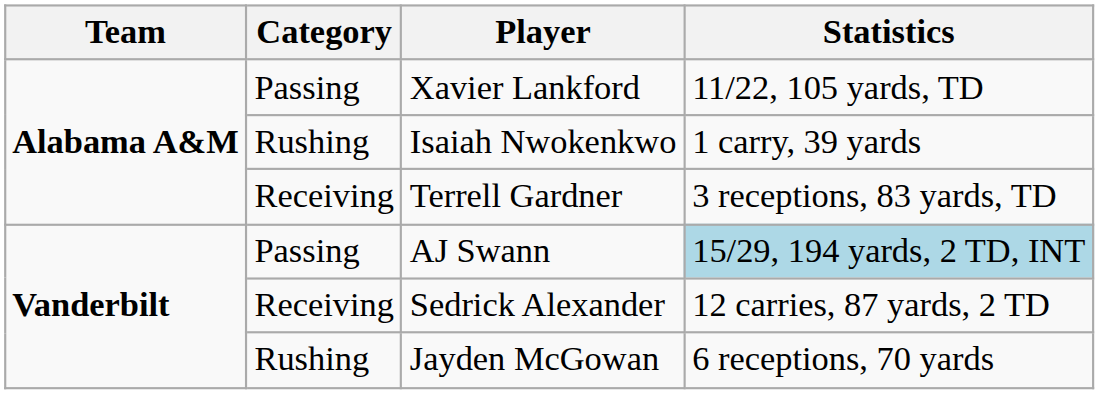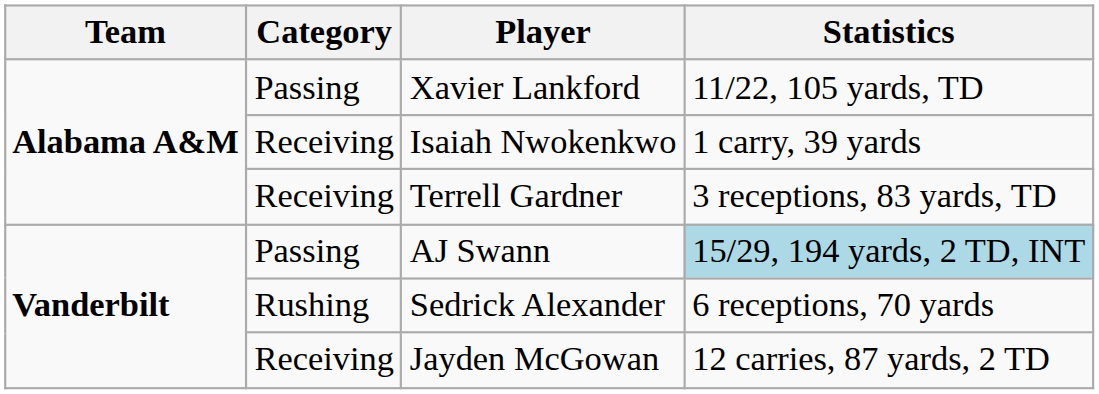 <table class="wikitable" style="float: right;">
 <tr>
 <th>Team</th>
 <th>Category</th>
 <th>Player</th>
 <th>Statistics</th>
 </tr>
 <tr>
 <td rowspan=3><strong>Alabama A&M</strong></td>
 <td>Passing</td>
 <td>Xavier Lankford</td>
 <td>11/22, 105 yards, TD</td>
 </tr>
 <tr>
-<td>Rushing</td>
+<td>Receiving</td>
 <td>Isaiah Nwokenkwo</td>
 <td>1 carry, 39 yards</td>
 </tr>
 <tr>
 <td>Receiving</td>
 <td>Terrell Gardner</td>
 <td>3 receptions, 83 yards, TD</td>
 </tr>
 <tr>
 <td rowspan=3><strong>Vanderbilt</strong></td>
 <td>Passing</td>
 <td>AJ Swann</td>
 <td style="background: lightblue;">15/29, 194 yards, 2 TD, INT</td>
 </tr>
 <tr>
+<td>Rushing</td>
+<td>Sedrick Alexander</td>
+<td>6 receptions, 70 yards</td>
+</tr>
+<tr>
 <td>Receiving</td>
-<td>Sedrick Alexander</td>
+<td>Jayden McGowan</td>
 <td>12 carries, 87 yards, 2 TD</td>
 </tr>
-<tr>
-<td>Rushing</td>
-<td>Jayden McGowan</td>
-<td>6 receptions, 70 yards</td>
-</tr>
 </table>
